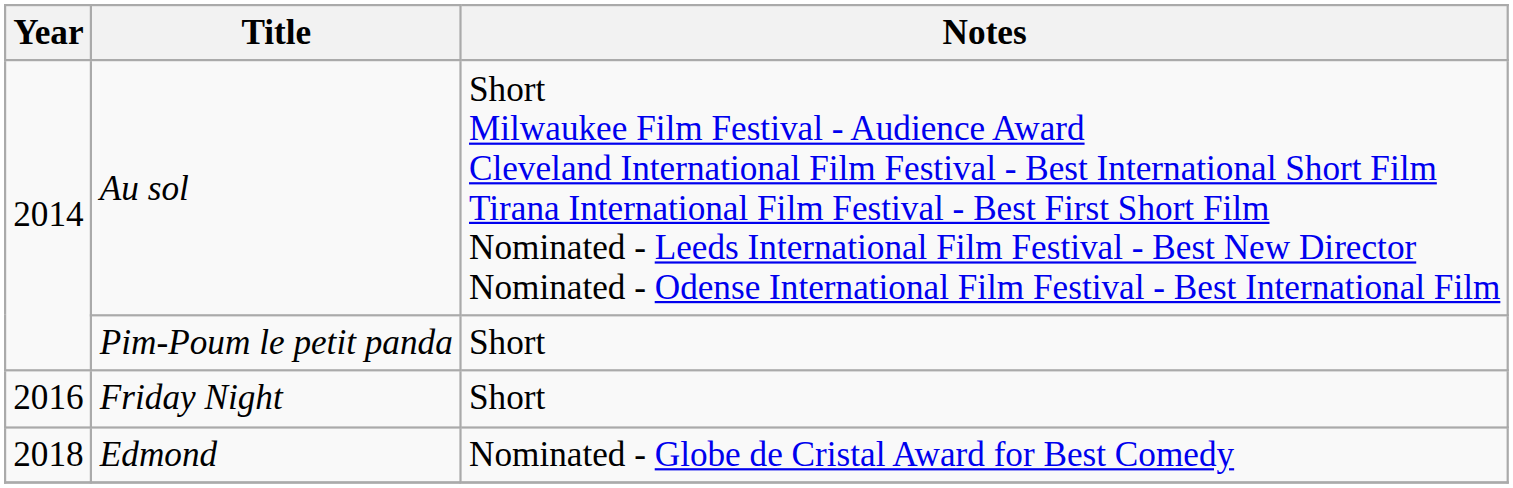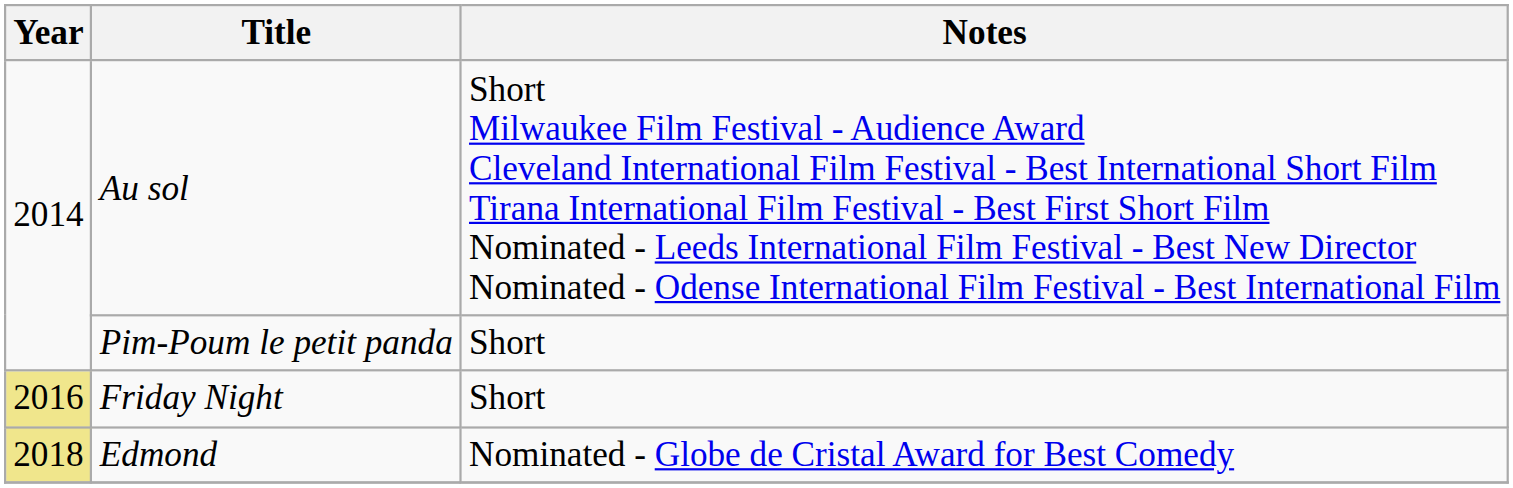 <table class="wikitable">
 <tr>
 <th>Year</th>
 <th>Title</th>
 <th>Notes</th>
 </tr>
 <tr>
 <td rowspan=2>2014</td>
 <td><em>Au sol</em></td>
 <td>Short<br><a href='#'>Milwaukee Film Festival - Audience Award</a><br><a href='#'>Cleveland International Film Festival - Best International Short Film</a><br><a href='#'>Tirana International Film Festival - Best First Short Film</a><br>Nominated - <a href='#'>Leeds International Film Festival - Best New Director</a><br>Nominated - <a href='#'>Odense International Film Festival - Best International Film</a></td>
 </tr>
 <tr>
 <td><em>Pim-Poum le petit panda</em></td>
 <td>Short</td>
 </tr>
 <tr>
-<td>2016</td>
+<td style="background: khaki;">2016</td>
 <td><em>Friday Night</em></td>
 <td>Short</td>
 </tr>
 <tr>
-<td>2018</td>
+<td style="background: khaki;">2018</td>
 <td><em>Edmond</em></td>
 <td>Nominated - <a href='#'>Globe de Cristal Award for Best Comedy</a></td>
 </tr>
 <tr>
 </tr>
 </table>
